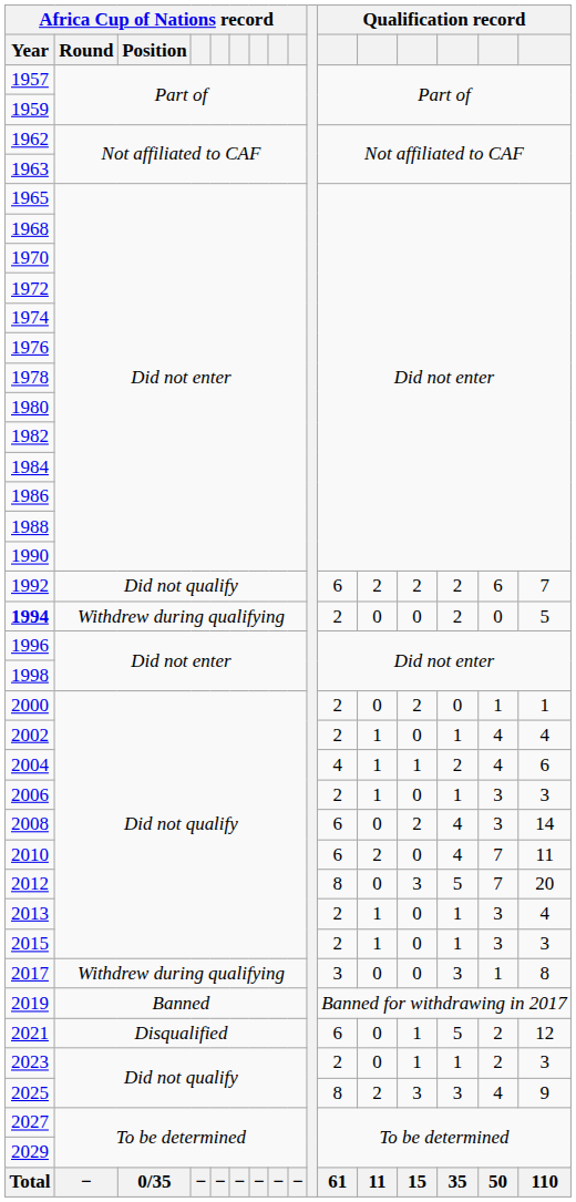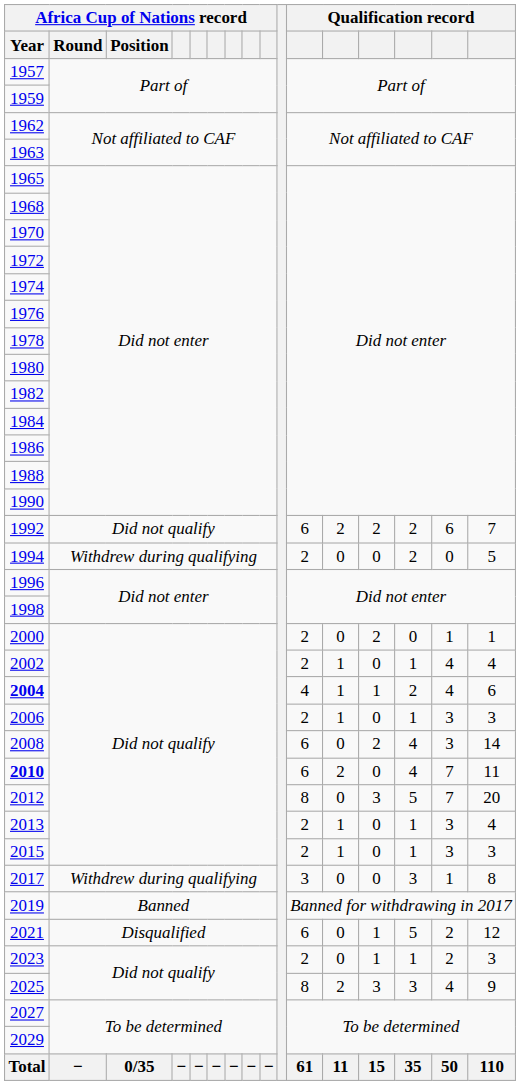 <table class="wikitable" style="text-align: center;">
 <tr>
 <th colspan=9><a href='#'>Africa Cup of Nations</a> record</th>
 <th rowspan="40" width="1"></th>
 <th colspan=6>Qualification record</th>
 </tr>
 <tr>
 <th>Year</th>
 <th>Round</th>
 <th>Position</th>
 <th></th>
 <th></th>
 <th></th>
 <th></th>
 <th></th>
 <th></th>
 <th></th>
 <th></th>
 <th></th>
 <th></th>
 <th></th>
 <th></th>
 </tr>
 <tr>
 <td> <a href='#'>1957</a></td>
 <td colspan=8 rowspan=2><em>Part of </em></td>
 <td colspan=6 rowspan=2><em>Part of </em></td>
 </tr>
 <tr>
 <td> <a href='#'>1959</a></td>
 </tr>
 <tr>
 <td> <a href='#'>1962</a></td>
 <td colspan=8 rowspan=2><em>Not affiliated to CAF</em></td>
 <td colspan=8 rowspan=2><em>Not affiliated to CAF</em></td>
 </tr>
 <tr>
 <td> <a href='#'>1963</a></td>
 </tr>
 <tr>
 <td> <a href='#'>1965</a></td>
 <td colspan=8 rowspan=13><em>Did not enter</em></td>
 <td colspan=6 rowspan=13><em>Did not enter</em></td>
 </tr>
 <tr>
 <td> <a href='#'>1968</a></td>
 </tr>
 <tr>
 <td> <a href='#'>1970</a></td>
 </tr>
 <tr>
 <td> <a href='#'>1972</a></td>
 </tr>
 <tr>
 <td> <a href='#'>1974</a></td>
 </tr>
 <tr>
 <td> <a href='#'>1976</a></td>
 </tr>
 <tr>
 <td> <a href='#'>1978</a></td>
 </tr>
 <tr>
 <td> <a href='#'>1980</a></td>
 </tr>
 <tr>
 <td> <a href='#'>1982</a></td>
 </tr>
 <tr>
 <td> <a href='#'>1984</a></td>
 </tr>
 <tr>
 <td> <a href='#'>1986</a></td>
 </tr>
 <tr>
 <td> <a href='#'>1988</a></td>
 </tr>
 <tr>
 <td> <a href='#'>1990</a></td>
 </tr>
 <tr>
 <td> <a href='#'>1992</a></td>
 <td colspan=8><em>Did not qualify</em></td>
 <td>6</td>
 <td>2</td>
 <td>2</td>
 <td>2</td>
 <td>6</td>
 <td>7</td>
 </tr>
 <tr>
-<td><strong> <a href='#'>1994</a></strong></td>
+<td> <a href='#'>1994</a></td>
 <td colspan=8><em>Withdrew during qualifying</em></td>
 <td>2</td>
 <td>0</td>
 <td>0</td>
 <td>2</td>
 <td>0</td>
 <td>5</td>
 </tr>
 <tr>
 <td> <a href='#'>1996</a></td>
 <td colspan=8 rowspan=2><em>Did not enter</em></td>
 <td colspan=6 rowspan=2><em>Did not enter</em></td>
 </tr>
 <tr>
 <td> <a href='#'>1998</a></td>
 </tr>
 <tr>
 <td>  <a href='#'>2000</a></td>
 <td colspan=8 rowspan=9><em>Did not qualify</em></td>
 <td>2</td>
 <td>0</td>
 <td>2</td>
 <td>0</td>
 <td>1</td>
 <td>1</td>
 </tr>
 <tr>
 <td> <a href='#'>2002</a></td>
 <td>2</td>
 <td>1</td>
 <td>0</td>
 <td>1</td>
 <td>4</td>
 <td>4</td>
 </tr>
 <tr>
-<td> <a href='#'>2004</a></td>
+<td><strong> <a href='#'>2004</a></strong></td>
 <td>4</td>
 <td>1</td>
 <td>1</td>
 <td>2</td>
 <td>4</td>
 <td>6</td>
 </tr>
 <tr>
 <td> <a href='#'>2006</a></td>
 <td>2</td>
 <td>1</td>
 <td>0</td>
 <td>1</td>
 <td>3</td>
 <td>3</td>
 </tr>
 <tr>
 <td> <a href='#'>2008</a></td>
 <td>6</td>
 <td>0</td>
 <td>2</td>
 <td>4</td>
 <td>3</td>
 <td>14</td>
 </tr>
 <tr>
-<td> <a href='#'>2010</a></td>
+<td><strong> <a href='#'>2010</a></strong></td>
 <td>6</td>
 <td>2</td>
 <td>0</td>
 <td>4</td>
 <td>7</td>
 <td>11</td>
 </tr>
 <tr>
 <td>  <a href='#'>2012</a></td>
 <td>8</td>
 <td>0</td>
 <td>3</td>
 <td>5</td>
 <td>7</td>
 <td>20</td>
 </tr>
 <tr>
 <td> <a href='#'>2013</a></td>
 <td>2</td>
 <td>1</td>
 <td>0</td>
 <td>1</td>
 <td>3</td>
 <td>4</td>
 </tr>
 <tr>
 <td> <a href='#'>2015</a></td>
 <td>2</td>
 <td>1</td>
 <td>0</td>
 <td>1</td>
 <td>3</td>
 <td>3</td>
 </tr>
 <tr>
 <td> <a href='#'>2017</a></td>
 <td colspan=8><em>Withdrew during qualifying</em></td>
 <td>3</td>
 <td>0</td>
 <td>0</td>
 <td>3</td>
 <td>1</td>
 <td>8</td>
 </tr>
 <tr>
 <td> <a href='#'>2019</a></td>
 <td colspan=8><em>Banned</em></td>
 <td colspan=6><em>Banned for withdrawing in 2017</em></td>
 </tr>
 <tr>
 <td> <a href='#'>2021</a></td>
 <td colspan=8><em>Disqualified</em></td>
 <td>6</td>
 <td>0</td>
 <td>1</td>
 <td>5</td>
 <td>2</td>
 <td>12</td>
 </tr>
 <tr>
 <td> <a href='#'>2023</a></td>
 <td colspan="8" rowspan="2"><em>Did not qualify</em></td>
 <td>2</td>
 <td>0</td>
 <td>1</td>
 <td>1</td>
 <td>2</td>
 <td>3</td>
 </tr>
 <tr>
 <td> <a href='#'>2025</a></td>
 <td>8</td>
 <td>2</td>
 <td>3</td>
 <td>3</td>
 <td>4</td>
 <td>9</td>
 </tr>
 <tr>
 <td>   <a href='#'>2027</a></td>
 <td colspan="8" rowspan="2"><em>To be determined</em></td>
 <td colspan="6" rowspan="2"><em>To be determined</em></td>
 </tr>
 <tr>
 <td> <a href='#'>2029</a></td>
 </tr>
 <tr>
 <th>Total</th>
 <th>−</th>
 <th>0/35</th>
 <th>−</th>
 <th>−</th>
 <th>−</th>
 <th>−</th>
 <th>−</th>
 <th>−</th>
 <th>61</th>
 <th>11</th>
 <th>15</th>
 <th>35</th>
 <th>50</th>
 <th>110</th>
 </tr>
 </table>
